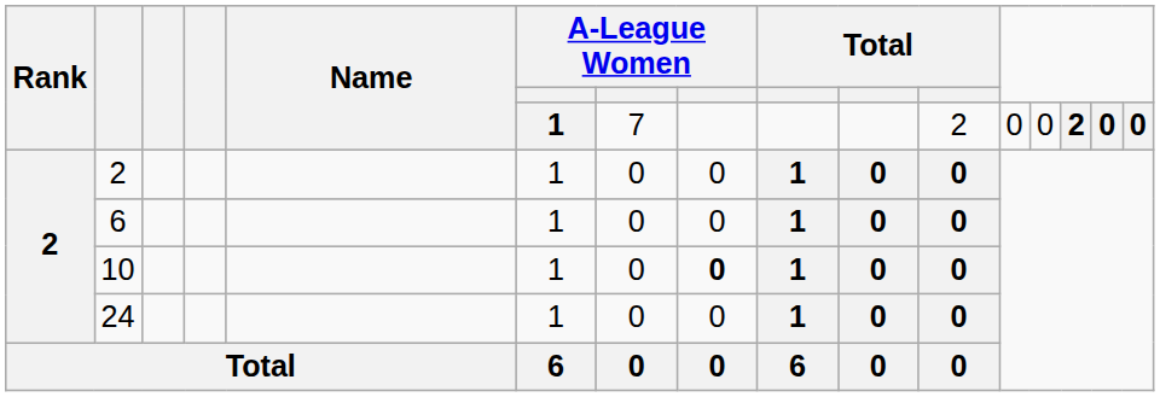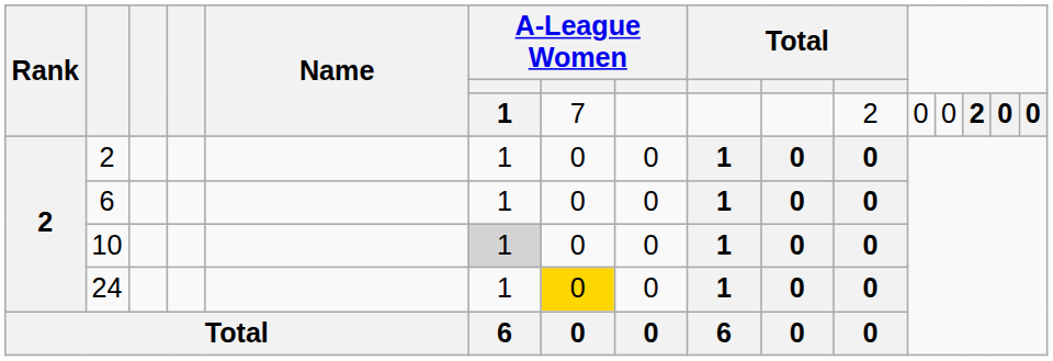 <table class="wikitable sortable" style="text-align:center;">
 <tr>
 <th rowspan="3" width="15">Rank</th>
 <th rowspan="3" width="15"></th>
 <th rowspan="3" width="15"></th>
 <th rowspan="3" width="15"></th>
 <th rowspan="3" width="145">Name</th>
 <th colspan="3" width="120"><a href='#'>A-League Women</a></th>
 <th colspan="3" width="120">Total</th>
 </tr>
 <tr>
 <th style="width:30px"></th>
 <th style="width:30px"></th>
 <th style="width:30px"></th>
 <th style="width:30px"></th>
 <th style="width:30px"></th>
 <th style="width:30px"></th>
 </tr>
 <tr>
 <th>1</th>
 <td>7</td>
 <td></td>
 <td></td>
 <td align="left"><br></td>
 <td>2</td>
 <td>0</td>
 <td>0<br></td>
 <th>2</th>
 <th>0</th>
 <th>0</th>
 </tr>
 <tr>
 <th rowspan="4">2</th>
 <td>2</td>
 <td></td>
 <td></td>
 <td align="left"><br></td>
 <td>1</td>
 <td>0</td>
 <td>0<br></td>
 <th>1</th>
 <th>0</th>
 <th>0</th>
 </tr>
 <tr>
 <td>6</td>
 <td></td>
 <td></td>
 <td align="left"><br></td>
 <td>1</td>
 <td>0</td>
 <td>0<br></td>
 <th>1</th>
 <th>0</th>
 <th>0</th>
 </tr>
 <tr>
 <td>10</td>
 <td></td>
 <td></td>
 <td align="left"><br></td>
-<td>1</td>
+<td style="background: lightgrey;">1</td>
 <td>0</td>
-<td><strong>0<br></strong></td>
+<td>0<br></td>
 <th>1</th>
 <th>0</th>
 <th>0</th>
 </tr>
 <tr>
 <td>24</td>
 <td></td>
 <td></td>
 <td align="left"><br></td>
 <td>1</td>
-<td>0</td>
+<td style="background: gold;">0</td>
 <td>0<br></td>
 <th>1</th>
 <th>0</th>
 <th>0</th>
 </tr>
 <tr>
 <th colspan="5">Total<br></th>
 <th>6</th>
 <th>0</th>
 <th>0<br></th>
 <th>6</th>
 <th>0</th>
 <th>0</th>
 </tr>
 </table>
